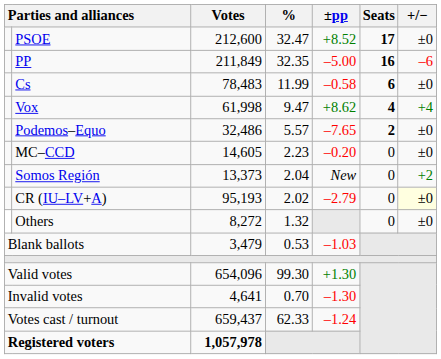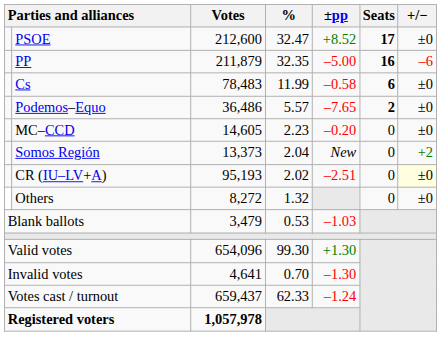 <table class="wikitable" style="text-align:right;">
 <tr>
 <th style="text-align:left;" colspan="2" width="200">Parties and alliances</th>
 <th width="75">Votes</th>
 <th width="45">%</th>
 <th width="45">±<a href='#'>pp</a></th>
 <th width="35">Seats</th>
 <th width="35">+/−</th>
 </tr>
 <tr>
 <td width="1" style="color:inherit;background:"></td>
 <td align="left"><a href='#'>PSOE</a></td>
 <td>212,600</td>
 <td>32.47</td>
 <td style="color:green;">+8.52</td>
 <td><strong>17</strong></td>
 <td>±0</td>
 </tr>
 <tr>
 <td style="color:inherit;background:"></td>
 <td align="left"><a href='#'>PP</a></td>
-<td>211,849</td>
+<td>211,879</td>
 <td>32.35</td>
 <td style="color:red;">–5.00</td>
 <td><strong>16</strong></td>
 <td style="color:red;">–6</td>
 </tr>
 <tr>
 <td style="color:inherit;background:"></td>
 <td align="left"><a href='#'>Cs</a></td>
 <td>78,483</td>
 <td>11.99</td>
 <td style="color:red;">–0.58</td>
 <td><strong>6</strong></td>
 <td>±0</td>
 </tr>
 <tr>
 <td style="color:inherit;background:"></td>
-<td align="left"><a href='#'>Vox</a></td>
-<td>61,998</td>
-<td>9.47</td>
-<td style="color:green;">+8.62</td>
-<td><strong>4</strong></td>
-<td style="color:green;">+4</td>
-</tr>
-<tr>
-<td style="color:inherit;background:"></td>
 <td align="left"><a href='#'>Podemos</a>–<a href='#'>Equo</a></td>
-<td>32,486</td>
+<td>36,486</td>
 <td>5.57</td>
 <td style="color:red;">–7.65</td>
 <td><strong>2</strong></td>
 <td>±0</td>
 </tr>
 <tr>
 <td style="color:inherit;background:"></td>
 <td align="left">MC–<a href='#'>CCD</a></td>
 <td>14,605</td>
 <td>2.23</td>
 <td style="color:red;">–0.20</td>
 <td>0</td>
 <td>±0</td>
 </tr>
 <tr>
 <td style="color:inherit;background:"></td>
 <td align="left"><a href='#'>Somos Región</a></td>
 <td>13,373</td>
 <td>2.04</td>
 <td><em>New</em></td>
 <td>0</td>
 <td style="color:green;">+2</td>
 </tr>
 <tr>
 <td style="color:inherit;background:"></td>
 <td align="left">CR (<a href='#'>IU–LV</a>+<a href='#'>A</a>)</td>
 <td>95,193</td>
 <td>2.02</td>
-<td style="color:red;">–2.79</td>
+<td style="color:red;">–2.51</td>
 <td>0</td>
 <td style="background: lightyellow;">±0</td>
 </tr>
 <tr>
 <td bgcolor="white"></td>
 <td align="left">Others</td>
 <td>8,272</td>
 <td>1.32</td>
 <td bgcolor="#E9E9E9"></td>
 <td>0</td>
 <td>±0</td>
 </tr>
 <tr>
 <td align="left" colspan="2">Blank ballots</td>
 <td>3,479</td>
 <td>0.53</td>
 <td style="color:red;">–1.03</td>
 <td bgcolor="#E9E9E9" colspan="2"></td>
 </tr>
 <tr>
 <td colspan="7" bgcolor="#E9E9E9"></td>
 </tr>
 <tr>
 <td align="left" colspan="2">Valid votes</td>
 <td>654,096</td>
 <td>99.30</td>
 <td style="color:green;">+1.30</td>
 <td bgcolor="#E9E9E9" colspan="2" rowspan="4"></td>
 </tr>
 <tr>
 <td align="left" colspan="2">Invalid votes</td>
 <td>4,641</td>
 <td>0.70</td>
 <td style="color:red;">–1.30</td>
 </tr>
 <tr>
 <td align="left" colspan="2">Votes cast / turnout</td>
 <td>659,437</td>
 <td>62.33</td>
 <td style="color:red;">–1.24</td>
 </tr>
 <tr style="font-weight:bold;">
 <td align="left" colspan="2">Registered voters</td>
 <td>1,057,978</td>
 <td bgcolor="#E9E9E9" colspan="2"></td>
 </tr>
 </table>
